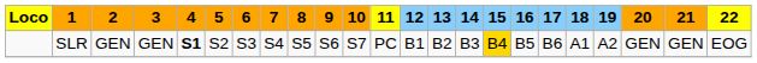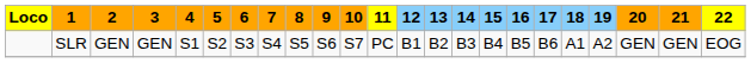 <table class="wikitable plainrowheaders unsortable" style="text-align:center">
 <tr>
 <th rowspan="1" scope="col" style="background:yellow;">Loco</th>
 <th rowspan="1" scope="col" style="background:orange;">1</th>
 <th rowspan="1" scope="col" style="background:orange;">2</th>
 <th rowspan="1" scope="col" style="background:orange;">3</th>
 <th rowspan="1" scope="col" style="background:orange;">4</th>
 <th rowspan="1" scope="col" style="background:orange;">5</th>
 <th rowspan="1" scope="col" style="background:orange;">6</th>
 <th rowspan="1" scope="col" style="background:orange;">7</th>
 <th rowspan="1" scope="col" style="background:orange;">8</th>
 <th rowspan="1" scope="col" style="background:orange;">9</th>
 <th rowspan="1" scope="col" style="background:orange;">10</th>
 <th rowspan="1" scope="col" style="background:yellow;">11</th>
 <th rowspan="1" scope="col" style="background:lightskyblue;">12</th>
 <th rowspan="1" scope="col" style="background:lightskyblue;">13</th>
 <th rowspan="1" scope="col" style="background:lightskyblue;">14</th>
 <th rowspan="1" scope="col" style="background:lightskyblue">15</th>
 <th rowspan="1" scope="col" style="background:lightskyblue;">16</th>
 <th rowspan="1" scope="col" style="background:lightskyblue;">17</th>
 <th rowspan="1" scope="col" style="background:lightskyblue;">18</th>
 <th rowspan="1" scope="col" style="background:lightskyblue;">19</th>
 <th rowspan="1" scope="col" style="background:orange;">20</th>
 <th rowspan="1" scope="col" style="background:orange;">21</th>
 <th rowspan="1" scope="col" style="background:yellow;">22</th>
 </tr>
 <tr>
 <td></td>
 <td>SLR</td>
 <td>GEN</td>
 <td>GEN</td>
-<td><strong>S1</strong></td>
+<td>S1</td>
 <td>S2</td>
 <td>S3</td>
 <td>S4</td>
 <td>S5</td>
 <td>S6</td>
 <td>S7</td>
 <td>PC</td>
 <td>B1</td>
 <td>B2</td>
 <td>B3</td>
-<td style="background: gold;">B4</td>
+<td>B4</td>
 <td>B5</td>
 <td>B6</td>
 <td>A1</td>
 <td>A2</td>
 <td>GEN</td>
 <td>GEN</td>
 <td>EOG</td>
 </tr>
 <tr>
 </tr>
 </table>
